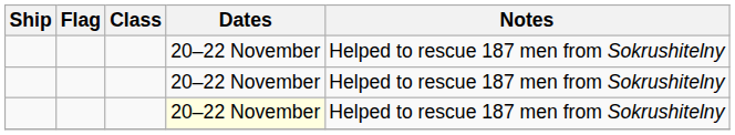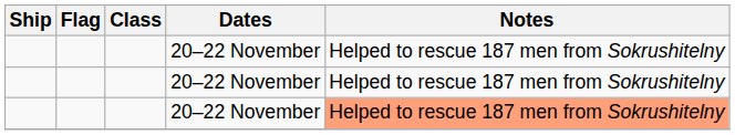 <table class="wikitable sortable">
 <tr>
 <th>Ship</th>
 <th>Flag</th>
 <th>Class</th>
 <th>Dates</th>
 <th>Notes</th>
 </tr>
 <tr>
 <td></td>
 <td></td>
 <td></td>
 <td>20–22 November</td>
 <td>Helped to rescue 187 men from <em>Sokrushitelny</em></td>
 </tr>
 <tr>
 <td></td>
 <td></td>
 <td></td>
 <td>20–22 November</td>
 <td>Helped to rescue 187 men from <em>Sokrushitelny</em></td>
 </tr>
 <tr>
 <td></td>
 <td></td>
 <td></td>
-<td style="background: lightyellow;">20–22 November</td>
-<td>Helped to rescue 187 men from <em>Sokrushitelny</em></td>
+<td>20–22 November</td>
+<td style="background: lightsalmon;">Helped to rescue 187 men from <em>Sokrushitelny</em></td>
 </tr>
 <tr>
 </tr>
 </table>
